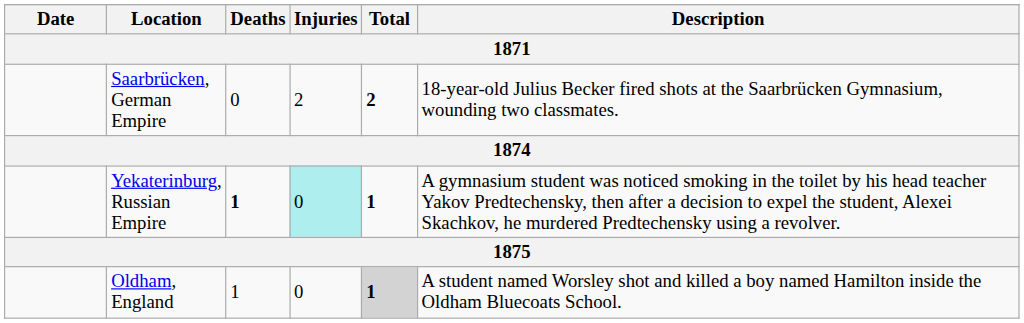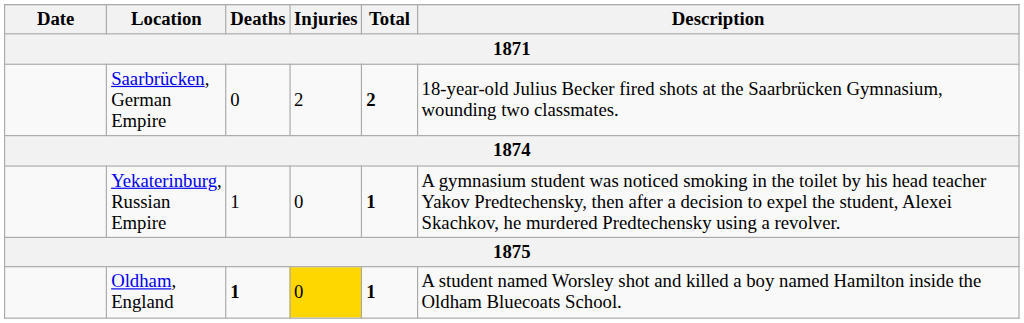 <table class="sortable wikitable" style="font-size:100%;" id="1870s">
 <tr>
 </tr>
 <tr>
 <th style="width:80px;">Date</th>
 <th style="width:90px;">Location</th>
 <th style="width:40px;">Deaths</th>
 <th style="width:40px;">Injuries</th>
 <th style="width:40px;">Total</th>
 <th class="unsortable">Description</th>
 </tr>
 <tr>
 <th colspan="7">1871 </th>
 </tr>
 <tr>
 <td></td>
 <td><a href='#'>Saarbrücken</a>, German Empire</td>
 <td>0</td>
 <td>2</td>
 <td><strong>2</strong></td>
 <td>18-year-old Julius Becker fired shots at the Saarbrücken Gymnasium, wounding two classmates.</td>
 </tr>
 <tr>
 <th colspan="7">1874 </th>
 </tr>
 <tr>
 <td></td>
 <td><a href='#'>Yekaterinburg</a>, Russian Empire</td>
-<td><strong>1</strong></td>
-<td style="background: paleturquoise;">0</td>
+<td>1</td>
+<td>0</td>
 <td><strong>1</strong></td>
 <td>A gymnasium student was noticed smoking in the toilet by his head teacher Yakov Predtechensky, then after a decision to expel the student, Alexei Skachkov, he murdered Predtechensky using a revolver.</td>
 </tr>
 <tr>
 <th colspan="7">1875 </th>
 </tr>
 <tr>
 <td></td>
 <td><a href='#'>Oldham</a>, England</td>
-<td>1</td>
-<td>0</td>
-<td style="background: lightgrey;"><strong>1</strong></td>
+<td><strong>1</strong></td>
+<td style="background: gold;">0</td>
+<td><strong>1</strong></td>
 <td>A student named Worsley shot and killed a boy named Hamilton inside the Oldham Bluecoats School.</td>
 </tr>
 </table>
